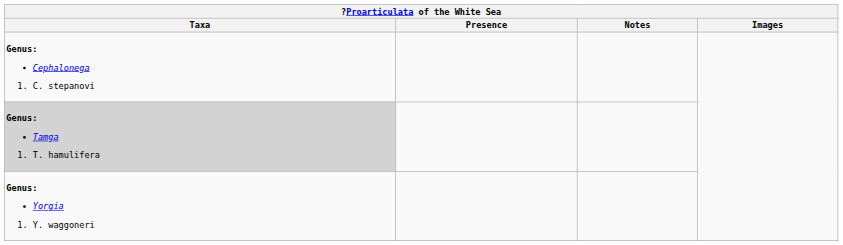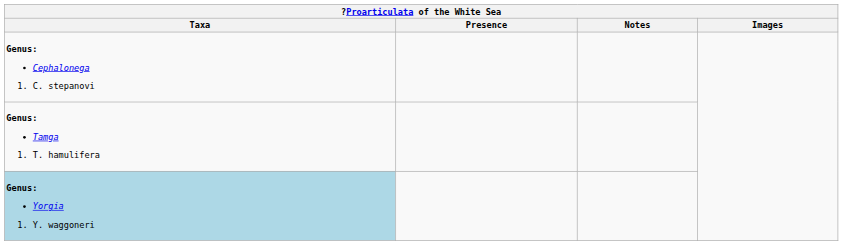 <table class="wikitable" align="center" width="100%">
 <tr>
 <th colspan="5" align="center"><strong>?<a href='#'>Proarticulata</a> of the White Sea</strong></th>
 </tr>
 <tr>
 <th>Taxa</th>
 <th>Presence</th>
 <th>Notes</th>
 <th>Images</th>
 </tr>
 <tr>
 <td><br><strong>Genus:</strong><ul><li><em><a href='#'>Cephalonega</a></em></li></ul><ol><li>C. stepanovi</li></ol></td>
 <td></td>
 <td></td>
 <td rowspan="99"><br><br><br></td>
 </tr>
 <tr>
-<td style="background: lightgrey;"><br><strong>Genus:</strong><ul><li><em><a href='#'>Tamga</a></em></li></ul><ol><li>T. hamulifera</li></ol></td>
+<td><br><strong>Genus:</strong><ul><li><em><a href='#'>Tamga</a></em></li></ul><ol><li>T. hamulifera</li></ol></td>
 <td></td>
 <td></td>
 </tr>
 <tr>
-<td><br><strong>Genus:</strong><ul><li><em><a href='#'>Yorgia</a></em></li></ul><ol><li>Y. waggoneri</li></ol></td>
+<td style="background: lightblue;"><br><strong>Genus:</strong><ul><li><em><a href='#'>Yorgia</a></em></li></ul><ol><li>Y. waggoneri</li></ol></td>
 <td></td>
 <td></td>
 </tr>
 </table>
